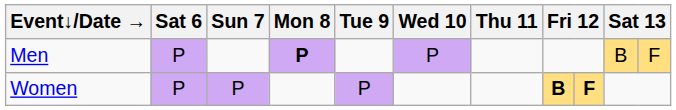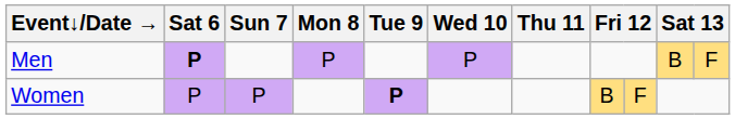 <table class="wikitable" style="margin:0.5em auto; font-size:90%; line-height:1.25em;">
 <tr style="text-align:center;">
 <th>Event↓/Date →</th>
 <th>Sat 6</th>
 <th>Sun 7</th>
 <th>Mon 8</th>
 <th>Tue 9</th>
 <th>Wed 10</th>
 <th>Thu 11</th>
 <th colspan=2>Fri 12</th>
 <th colspan=2>Sat 13</th>
 </tr>
 <tr style="text-align:center;">
 <td style="text-align:left;"><a href='#'>Men</a></td>
+<td style="background-color:#D0A9F5;"><strong>P</strong></td>
+<td></td>
 <td style="background-color:#D0A9F5;">P</td>
-<td></td>
-<td style="background-color:#D0A9F5;"><strong>P</strong></td>
 <td></td>
 <td style="background-color:#D0A9F5;">P</td>
 <td></td>
 <td colspan=2></td>
 <td style="background-color:#FFDF80;">B</td>
 <td style="background-color:#FFDF80;">F</td>
 </tr>
 <tr style="text-align:center;">
 <td style="text-align:left;"><a href='#'>Women</a></td>
 <td style="background-color:#D0A9F5;">P</td>
 <td style="background-color:#D0A9F5;">P</td>
 <td></td>
-<td style="background-color:#D0A9F5;">P</td>
+<td style="background-color:#D0A9F5;"><strong>P</strong></td>
 <td></td>
 <td></td>
-<td style="background-color:#FFDF80;"><strong>B</strong></td>
-<td style="background-color:#FFDF80;"><strong>F</strong></td>
+<td style="background-color:#FFDF80;">B</td>
+<td style="background-color:#FFDF80;">F</td>
 <td colspan=2></td>
 </tr>
 </table>
